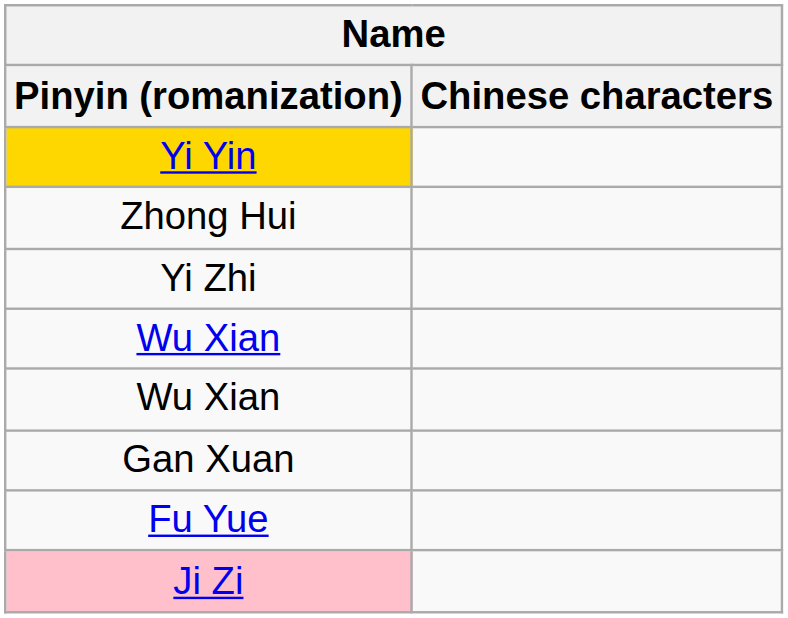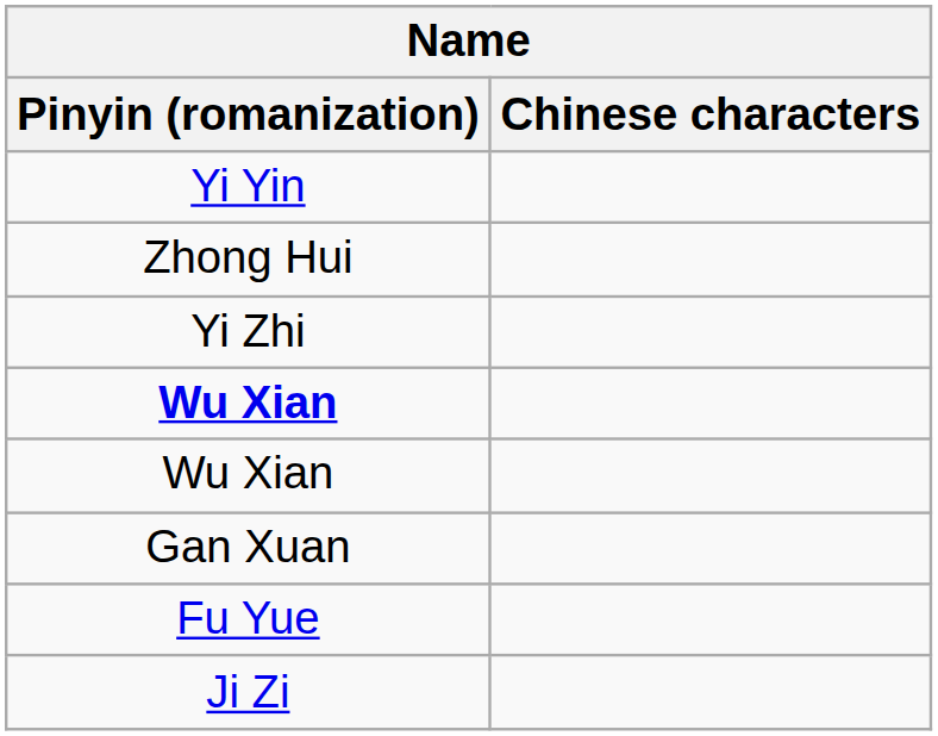 <table class="wikitable" style="text-align:center; border-collapse: collapse">
 <tr style="background:#cccccc">
 <th align="left" width="250" colspan=2>Name</th>
 </tr>
 <tr>
 <th>Pinyin (romanization)</th>
 <th>Chinese characters</th>
 </tr>
 <tr>
-<td style="background: gold;"><a href='#'>Yi Yin</a></td>
+<td><a href='#'>Yi Yin</a></td>
 <td></td>
 </tr>
 <tr>
 <td>Zhong Hui</td>
 <td></td>
 </tr>
 <tr>
 <td>Yi Zhi</td>
 <td></td>
 </tr>
 <tr>
-<td><a href='#'>Wu Xian</a></td>
+<td><strong><a href='#'>Wu Xian</a></strong></td>
 <td></td>
 </tr>
 <tr>
 <td>Wu Xian</td>
 <td></td>
 </tr>
 <tr>
 <td>Gan Xuan</td>
 <td></td>
 </tr>
 <tr>
 <td><a href='#'>Fu Yue</a></td>
 <td></td>
 </tr>
 <tr>
-<td style="background: pink;"><a href='#'>Ji Zi</a></td>
+<td><a href='#'>Ji Zi</a></td>
 <td></td>
 </tr>
 </table>
